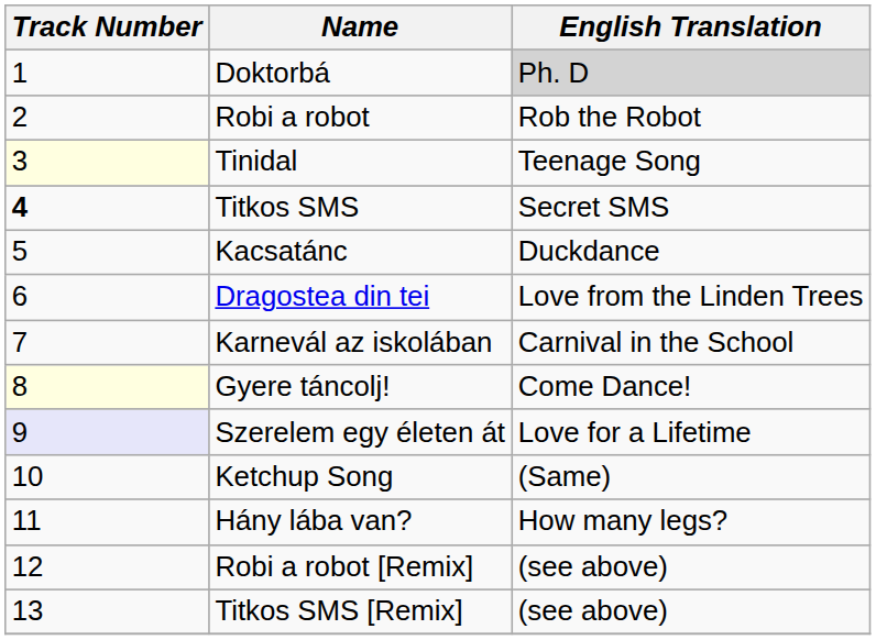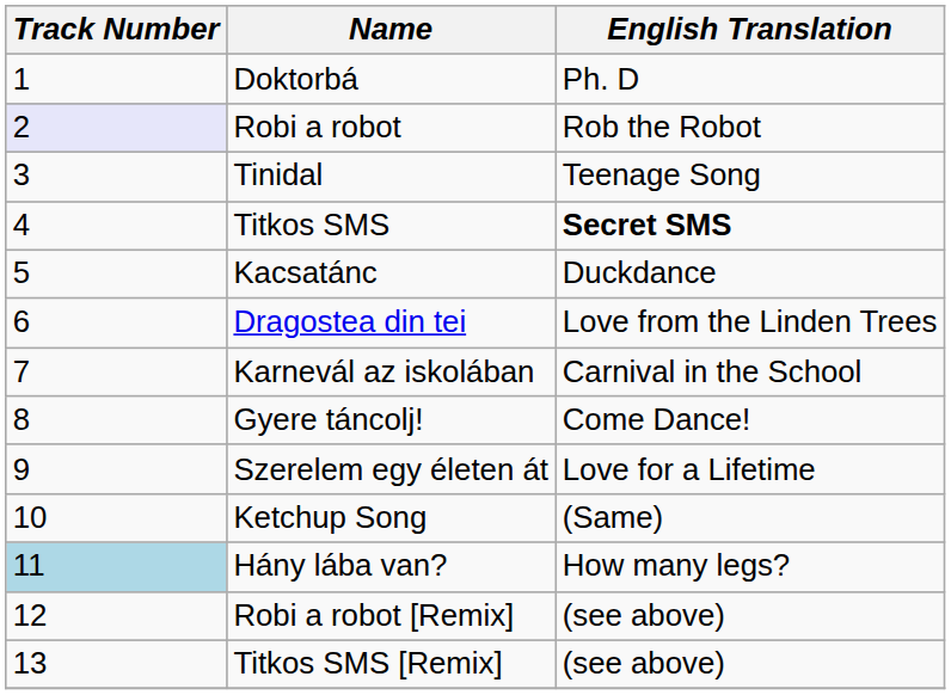 <table class="wikitable">
 <tr>
 <th><em>Track Number</em></th>
 <th><em>Name</em></th>
 <th><em>English Translation</em></th>
 </tr>
 <tr>
 <td>1</td>
 <td>Doktorbá</td>
-<td style="background: lightgrey;">Ph. D</td>
+<td>Ph. D</td>
 </tr>
 <tr>
-<td>2</td>
+<td style="background: lavender;">2</td>
 <td>Robi a robot</td>
 <td>Rob the Robot</td>
 </tr>
 <tr>
-<td style="background: lightyellow;">3</td>
+<td>3</td>
 <td>Tinidal</td>
 <td>Teenage Song</td>
 </tr>
 <tr>
-<td><strong>4</strong></td>
+<td>4</td>
 <td>Titkos SMS</td>
-<td>Secret SMS</td>
+<td><strong>Secret SMS</strong></td>
 </tr>
 <tr>
 <td>5</td>
 <td>Kacsatánc</td>
 <td>Duckdance</td>
 </tr>
 <tr>
 <td>6</td>
 <td><a href='#'>Dragostea din tei</a></td>
 <td>Love from the Linden Trees</td>
 </tr>
 <tr>
 <td>7</td>
 <td>Karnevál az iskolában</td>
 <td>Carnival in the School</td>
 </tr>
 <tr>
-<td style="background: lightyellow;">8</td>
+<td>8</td>
 <td>Gyere táncolj!</td>
 <td>Come Dance!</td>
 </tr>
 <tr>
-<td style="background: lavender;">9</td>
+<td>9</td>
 <td>Szerelem egy életen át</td>
 <td>Love for a Lifetime</td>
 </tr>
 <tr>
 <td>10</td>
 <td>Ketchup Song</td>
 <td>(Same)</td>
 </tr>
 <tr>
-<td>11</td>
+<td style="background: lightblue;">11</td>
 <td>Hány lába van?</td>
 <td>How many legs?</td>
 </tr>
 <tr>
 <td>12</td>
 <td>Robi a robot [Remix]</td>
 <td>(see above)</td>
 </tr>
 <tr>
 <td>13</td>
 <td>Titkos SMS [Remix]</td>
 <td>(see above)</td>
 </tr>
 <tr>
 </tr>
 </table>
